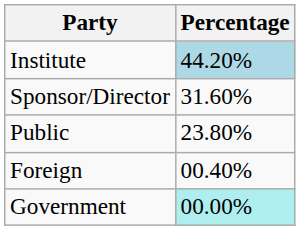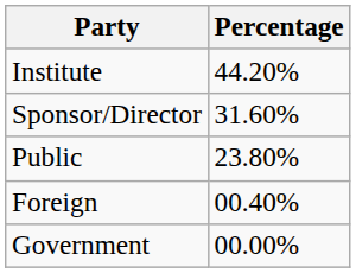 <table class="wikitable sortable mw-collapsible">
 <tr>
 <th>Party</th>
 <th>Percentage</th>
 </tr>
 <tr>
 <td>Institute</td>
-<td style="background: lightblue;">44.20%</td>
+<td>44.20%</td>
 </tr>
 <tr>
 <td>Sponsor/Director</td>
 <td>31.60%</td>
 </tr>
 <tr>
 <td>Public</td>
 <td>23.80%</td>
 </tr>
 <tr>
 <td>Foreign</td>
 <td>00.40%</td>
 </tr>
 <tr>
 <td>Government</td>
-<td style="background: paleturquoise;">00.00%</td>
+<td>00.00%</td>
 </tr>
 </table>
